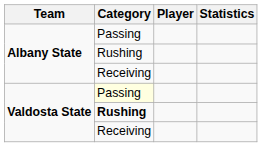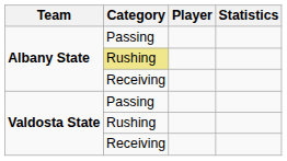 <table class="wikitable" style="float: left;">
 <tr>
 <th>Team</th>
 <th>Category</th>
 <th>Player</th>
 <th>Statistics</th>
 </tr>
 <tr>
 <td rowspan=3><strong>Albany State</strong></td>
 <td>Passing</td>
 <td></td>
 <td></td>
 </tr>
 <tr>
-<td>Rushing</td>
+<td style="background: khaki;">Rushing</td>
 <td></td>
 <td></td>
 </tr>
 <tr>
 <td>Receiving</td>
 <td></td>
 <td></td>
 </tr>
 <tr>
 <td rowspan=3><strong>Valdosta State</strong></td>
-<td style="background: lightyellow;">Passing</td>
+<td>Passing</td>
 <td></td>
 <td></td>
 </tr>
 <tr>
-<td><strong>Rushing</strong></td>
+<td>Rushing</td>
 <td></td>
 <td></td>
 </tr>
 <tr>
 <td>Receiving</td>
 <td></td>
 <td></td>
 </tr>
 </table>
